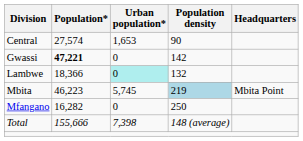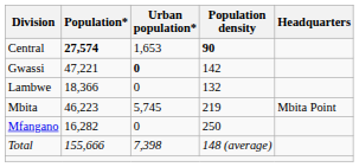 <table class="wikitable">
 <tr>
 <th>Division</th>
 <th>Population*</th>
 <th>Urban<br>population*</th>
 <th>Population<br>density</th>
 <th>Headquarters</th>
 </tr>
 <tr>
 <td>Central</td>
-<td>27,574</td>
+<td><strong>27,574</strong></td>
 <td>1,653</td>
-<td>90</td>
+<td><strong>90</strong></td>
 <td></td>
 </tr>
 <tr>
 <td>Gwassi</td>
-<td><strong>47,221</strong></td>
-<td>0</td>
+<td>47,221</td>
+<td><strong>0</strong></td>
 <td>142</td>
 <td></td>
 </tr>
 <tr>
 <td>Lambwe</td>
 <td>18,366</td>
-<td style="background: paleturquoise;">0</td>
+<td>0</td>
 <td>132</td>
 <td></td>
 </tr>
 <tr>
 <td>Mbita</td>
 <td>46,223</td>
 <td>5,745</td>
-<td style="background: lightblue;">219</td>
+<td>219</td>
 <td>Mbita Point</td>
 </tr>
 <tr>
 <td><a href='#'>Mfangano</a></td>
 <td>16,282</td>
 <td>0</td>
 <td>250</td>
 <td></td>
 </tr>
 <tr>
 <td><em>Total</em></td>
 <td><em>155,666</em></td>
 <td><em>7,398</em></td>
 <td><em>148 (average)</em></td>
 </tr>
 <tr>
 <td colspan="5"></td>
 </tr>
 </table>
